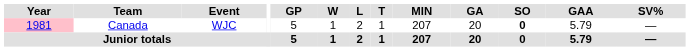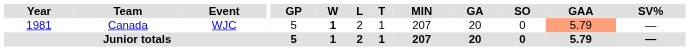 <table border="0" cellpadding="1" cellspacing="0" ID="Table3" style="text-align:center; width:60em">
 <tr ALIGN="center" bgcolor="#e0e0e0">
 <th>Year</th>
 <th>Team</th>
 <th>Event</th>
 <th rowspan="99" bgcolor="#ffffff"></th>
 <th>GP</th>
 <th>W</th>
 <th>L</th>
 <th>T</th>
 <th>MIN</th>
 <th>GA</th>
 <th>SO</th>
 <th>GAA</th>
 <th>SV%</th>
 </tr>
 <tr>
-<td style="background: pink;"><a href='#'>1981</a></td>
+<td><a href='#'>1981</a></td>
 <td><a href='#'>Canada</a></td>
 <td><a href='#'>WJC</a></td>
 <td>5</td>
-<td>1</td>
+<td><strong>1</strong></td>
 <td>2</td>
 <td>1</td>
 <td>207</td>
 <td>20</td>
-<td><strong>0</strong></td>
-<td>5.79</td>
+<td>0</td>
+<td style="background: lightsalmon;">5.79</td>
 <td>—</td>
 </tr>
 <tr bgcolor="#e0e0e0">
 <th colspan=4>Junior totals</th>
 <th>5</th>
 <th>1</th>
 <th>2</th>
 <th>1</th>
 <th>207</th>
 <th>20</th>
 <th>0</th>
 <th>5.79</th>
 <th>—</th>
 </tr>
 </table>
